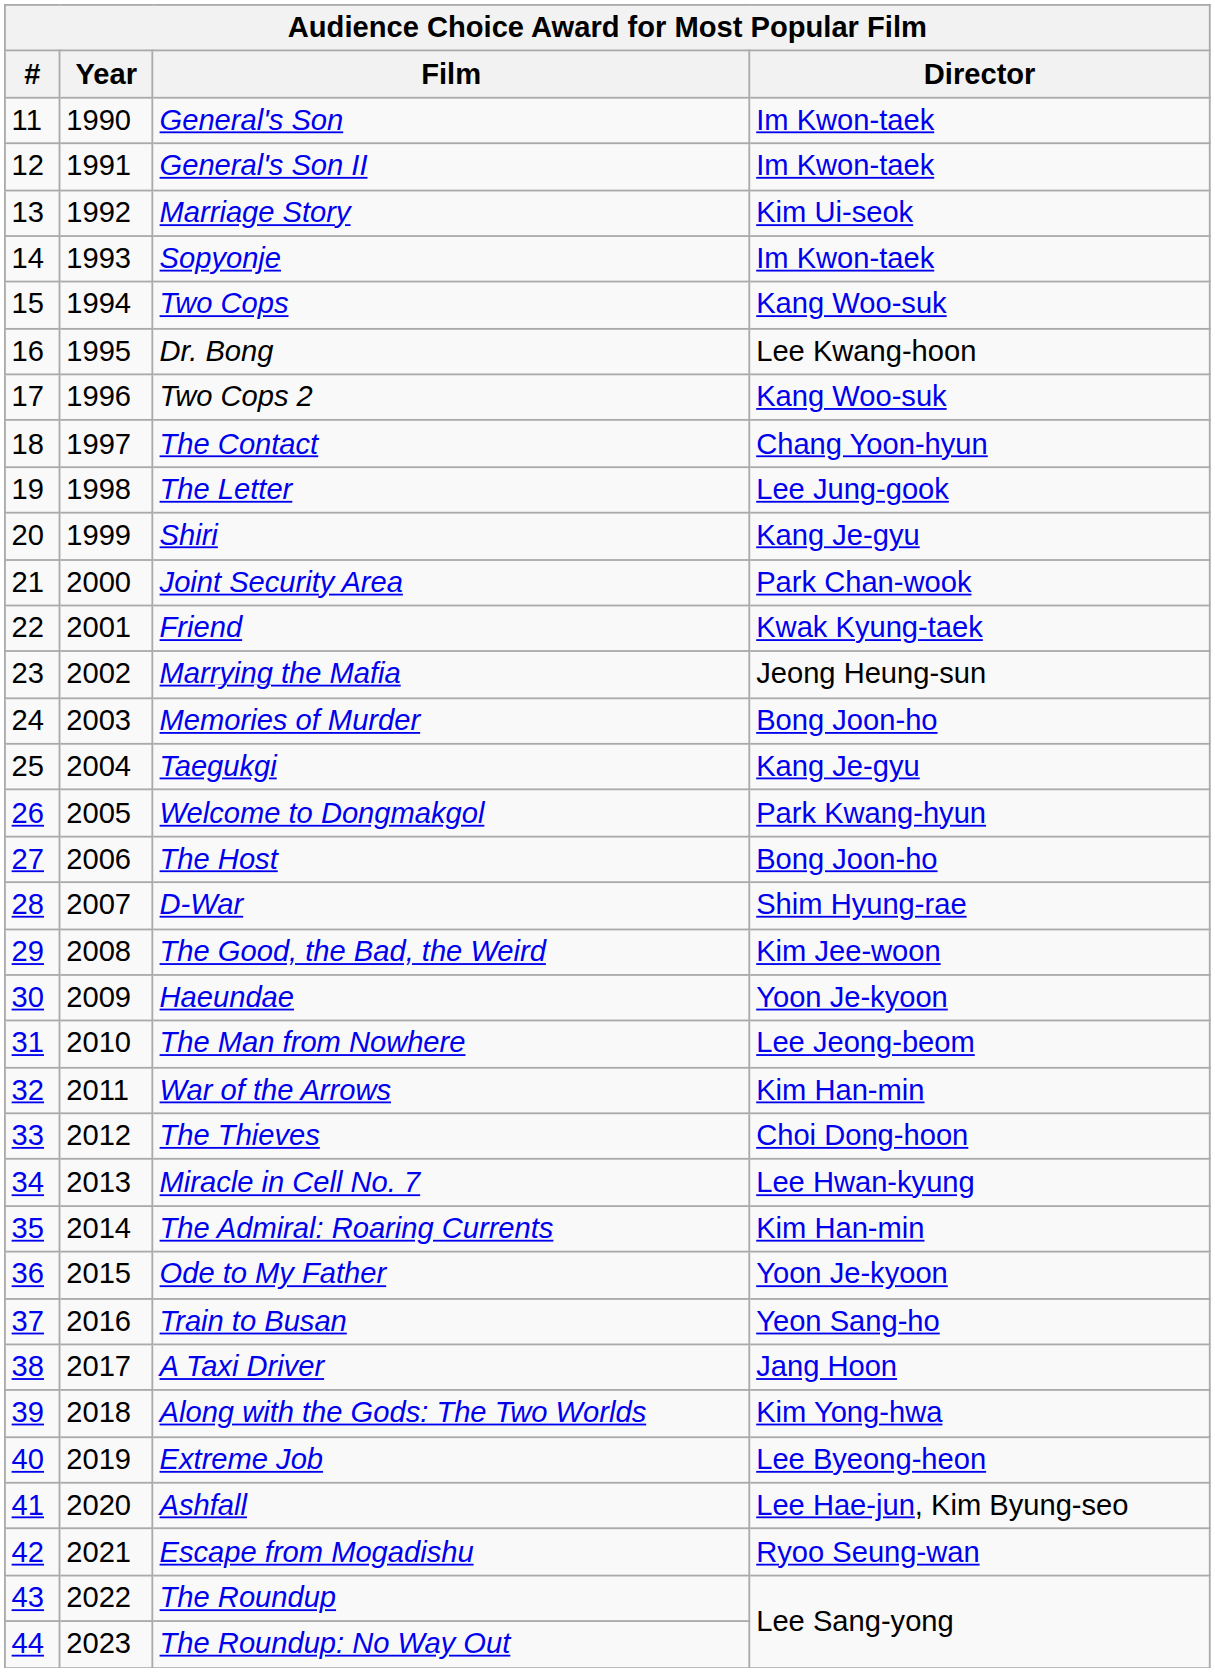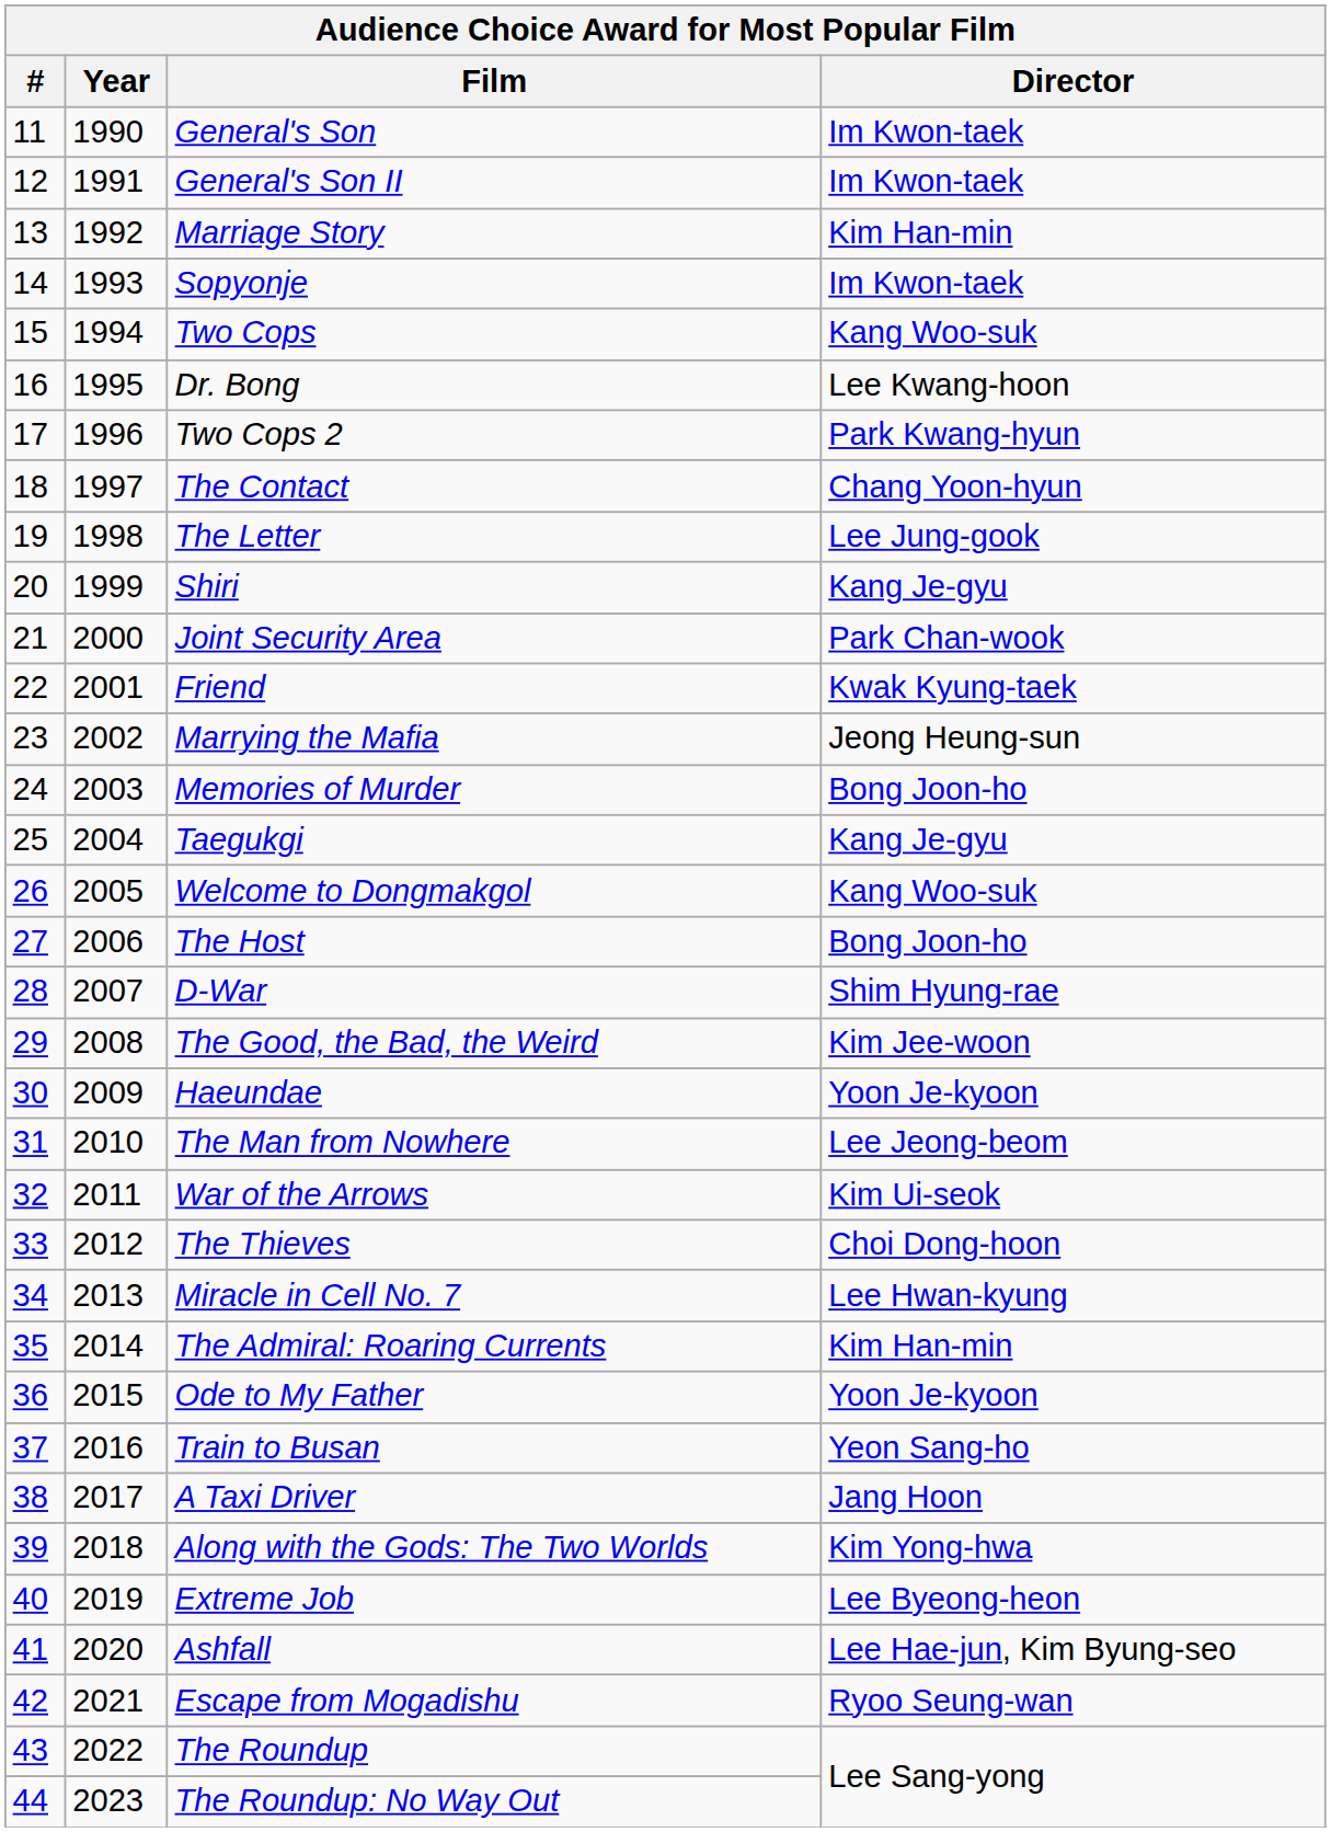 <table class="wikitable collapsible collapsed" style="width:75%">
 <tr>
 <th colspan="4">Audience Choice Award for Most Popular Film</th>
 </tr>
 <tr>
 <th>#</th>
 <th>Year</th>
 <th>Film</th>
 <th>Director</th>
 </tr>
 <tr>
 <td>11</td>
 <td>1990</td>
 <td><em><a href='#'>General's Son</a></em></td>
 <td><a href='#'>Im Kwon-taek</a></td>
 </tr>
 <tr>
 <td>12</td>
 <td>1991</td>
 <td><em><a href='#'>General's Son II</a></em></td>
 <td><a href='#'>Im Kwon-taek</a></td>
 </tr>
 <tr>
 <td>13</td>
 <td>1992</td>
 <td><em><a href='#'>Marriage Story</a></em></td>
-<td><a href='#'>Kim Ui-seok</a></td>
+<td><a href='#'>Kim Han-min</a></td>
 </tr>
 <tr>
 <td>14</td>
 <td>1993</td>
 <td><em><a href='#'>Sopyonje</a></em></td>
 <td><a href='#'>Im Kwon-taek</a></td>
 </tr>
 <tr>
 <td>15</td>
 <td>1994</td>
 <td><em><a href='#'>Two Cops</a></em></td>
 <td><a href='#'>Kang Woo-suk</a></td>
 </tr>
 <tr>
 <td>16</td>
 <td>1995</td>
 <td><em>Dr. Bong</em></td>
 <td>Lee Kwang-hoon</td>
 </tr>
 <tr>
 <td>17</td>
 <td>1996</td>
 <td><em>Two Cops 2</em></td>
-<td><a href='#'>Kang Woo-suk</a></td>
+<td><a href='#'>Park Kwang-hyun</a></td>
 </tr>
 <tr>
 <td>18</td>
 <td>1997</td>
 <td><em><a href='#'>The Contact</a></em></td>
 <td><a href='#'>Chang Yoon-hyun</a></td>
 </tr>
 <tr>
 <td>19</td>
 <td>1998</td>
 <td><em><a href='#'>The Letter</a></em></td>
 <td><a href='#'>Lee Jung-gook</a></td>
 </tr>
 <tr>
 <td>20</td>
 <td>1999</td>
 <td><em><a href='#'>Shiri</a></em></td>
 <td><a href='#'>Kang Je-gyu</a></td>
 </tr>
 <tr>
 <td>21</td>
 <td>2000</td>
 <td><em><a href='#'>Joint Security Area</a></em></td>
 <td><a href='#'>Park Chan-wook</a></td>
 </tr>
 <tr>
 <td>22</td>
 <td>2001</td>
 <td><em><a href='#'>Friend</a></em></td>
 <td><a href='#'>Kwak Kyung-taek</a></td>
 </tr>
 <tr>
 <td>23</td>
 <td>2002</td>
 <td><em><a href='#'>Marrying the Mafia</a></em></td>
 <td>Jeong Heung-sun</td>
 </tr>
 <tr>
 <td>24</td>
 <td>2003</td>
 <td><em><a href='#'>Memories of Murder</a></em></td>
 <td><a href='#'>Bong Joon-ho</a></td>
 </tr>
 <tr>
 <td>25</td>
 <td>2004</td>
 <td><em><a href='#'>Taegukgi</a></em></td>
 <td><a href='#'>Kang Je-gyu</a></td>
 </tr>
 <tr>
 <td><a href='#'>26</a></td>
 <td>2005</td>
 <td><em><a href='#'>Welcome to Dongmakgol</a></em></td>
-<td><a href='#'>Park Kwang-hyun</a></td>
+<td><a href='#'>Kang Woo-suk</a></td>
 </tr>
 <tr>
 <td><a href='#'>27</a></td>
 <td>2006</td>
 <td><em><a href='#'>The Host</a></em></td>
 <td><a href='#'>Bong Joon-ho</a></td>
 </tr>
 <tr>
 <td><a href='#'>28</a></td>
 <td>2007</td>
 <td><em><a href='#'>D-War</a></em></td>
 <td><a href='#'>Shim Hyung-rae</a></td>
 </tr>
 <tr>
 <td><a href='#'>29</a></td>
 <td>2008</td>
 <td><em><a href='#'>The Good, the Bad, the Weird</a></em></td>
 <td><a href='#'>Kim Jee-woon</a></td>
 </tr>
 <tr>
 <td><a href='#'>30</a></td>
 <td>2009</td>
 <td><em><a href='#'>Haeundae</a></em></td>
 <td><a href='#'>Yoon Je-kyoon</a></td>
 </tr>
 <tr>
 <td><a href='#'>31</a></td>
 <td>2010</td>
 <td><em><a href='#'>The Man from Nowhere</a></em></td>
 <td><a href='#'>Lee Jeong-beom</a></td>
 </tr>
 <tr>
 <td><a href='#'>32</a></td>
 <td>2011</td>
 <td><em><a href='#'>War of the Arrows</a></em></td>
-<td><a href='#'>Kim Han-min</a></td>
+<td><a href='#'>Kim Ui-seok</a></td>
 </tr>
 <tr>
 <td><a href='#'>33</a></td>
 <td>2012</td>
 <td><em><a href='#'>The Thieves</a></em></td>
 <td><a href='#'>Choi Dong-hoon</a></td>
 </tr>
 <tr>
 <td><a href='#'>34</a></td>
 <td>2013</td>
 <td><em><a href='#'>Miracle in Cell No. 7</a></em></td>
 <td><a href='#'>Lee Hwan-kyung</a></td>
 </tr>
 <tr>
 <td><a href='#'>35</a></td>
 <td>2014</td>
 <td><em><a href='#'>The Admiral: Roaring Currents</a></em></td>
 <td><a href='#'>Kim Han-min</a></td>
 </tr>
 <tr>
 <td><a href='#'>36</a></td>
 <td>2015</td>
 <td><em><a href='#'>Ode to My Father</a></em></td>
 <td><a href='#'>Yoon Je-kyoon</a></td>
 </tr>
 <tr>
 <td><a href='#'>37</a></td>
 <td>2016</td>
 <td><em><a href='#'>Train to Busan</a></em></td>
 <td><a href='#'>Yeon Sang-ho</a></td>
 </tr>
 <tr>
 <td><a href='#'>38</a></td>
 <td>2017</td>
 <td><em><a href='#'>A Taxi Driver</a></em></td>
 <td><a href='#'>Jang Hoon</a></td>
 </tr>
 <tr>
 <td><a href='#'>39</a></td>
 <td>2018</td>
 <td><em><a href='#'>Along with the Gods: The Two Worlds</a></em></td>
 <td><a href='#'>Kim Yong-hwa</a></td>
 </tr>
 <tr>
 <td><a href='#'>40</a></td>
 <td>2019</td>
 <td><em><a href='#'>Extreme Job</a></em></td>
 <td><a href='#'>Lee Byeong-heon</a></td>
 </tr>
 <tr>
 <td><a href='#'>41</a></td>
 <td>2020</td>
 <td><em><a href='#'>Ashfall</a></em></td>
 <td><a href='#'>Lee Hae-jun</a>, Kim Byung-seo</td>
 </tr>
 <tr>
 <td><a href='#'>42</a></td>
 <td>2021</td>
 <td><em><a href='#'>Escape from Mogadishu</a></em></td>
 <td><a href='#'>Ryoo Seung-wan</a></td>
 </tr>
 <tr>
 <td><a href='#'>43</a></td>
 <td>2022</td>
 <td><em><a href='#'>The Roundup</a></em></td>
 <td rowspan=2>Lee Sang-yong</td>
 </tr>
 <tr>
 <td><a href='#'>44</a></td>
 <td>2023</td>
 <td><em><a href='#'>The Roundup: No Way Out</a></em></td>
 </tr>
 <tr>
 </tr>
 </table>
